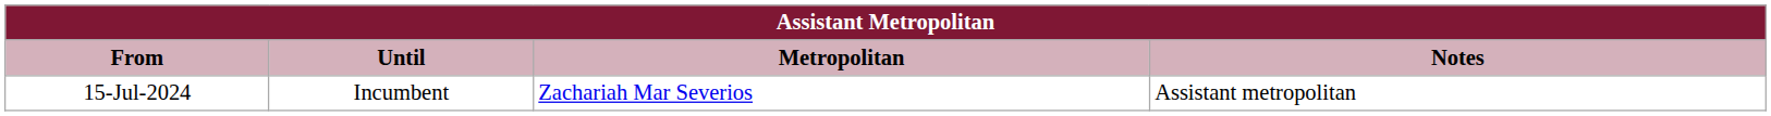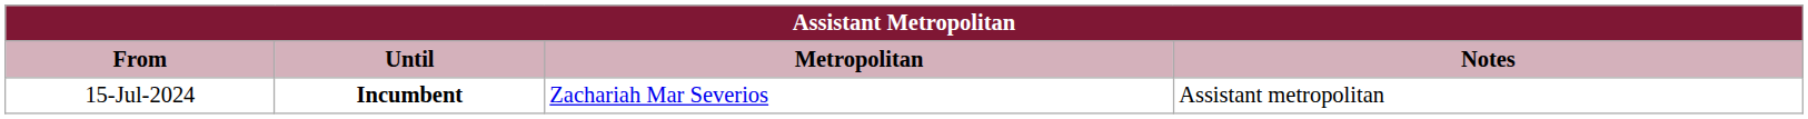 <table class="wikitable" style="width: 100%;">
 <tr>
 <th colspan="4" style="background-color: #7F1734; color: white;">Assistant Metropolitan</th>
 </tr>
 <tr>
 <th style="background-color: #D4B1BB; width: 15%;">From</th>
 <th style="background-color: #D4B1BB; width: 15%;">Until</th>
 <th style="background-color: #D4B1BB; width: 35%;">Metropolitan</th>
 <th style="background-color: #D4B1BB; width: 35%;">Notes</th>
 </tr>
 <tr valign="top" style="background-color: white;">
 <td style="text-align: center;">15-Jul-2024</td>
-<td style="text-align: center;">Incumbent</td>
+<td style="text-align: center;"><strong>Incumbent</strong></td>
 <td><a href='#'>Zachariah Mar Severios</a></td>
 <td>Assistant metropolitan</td>
 </tr>
 </table>
